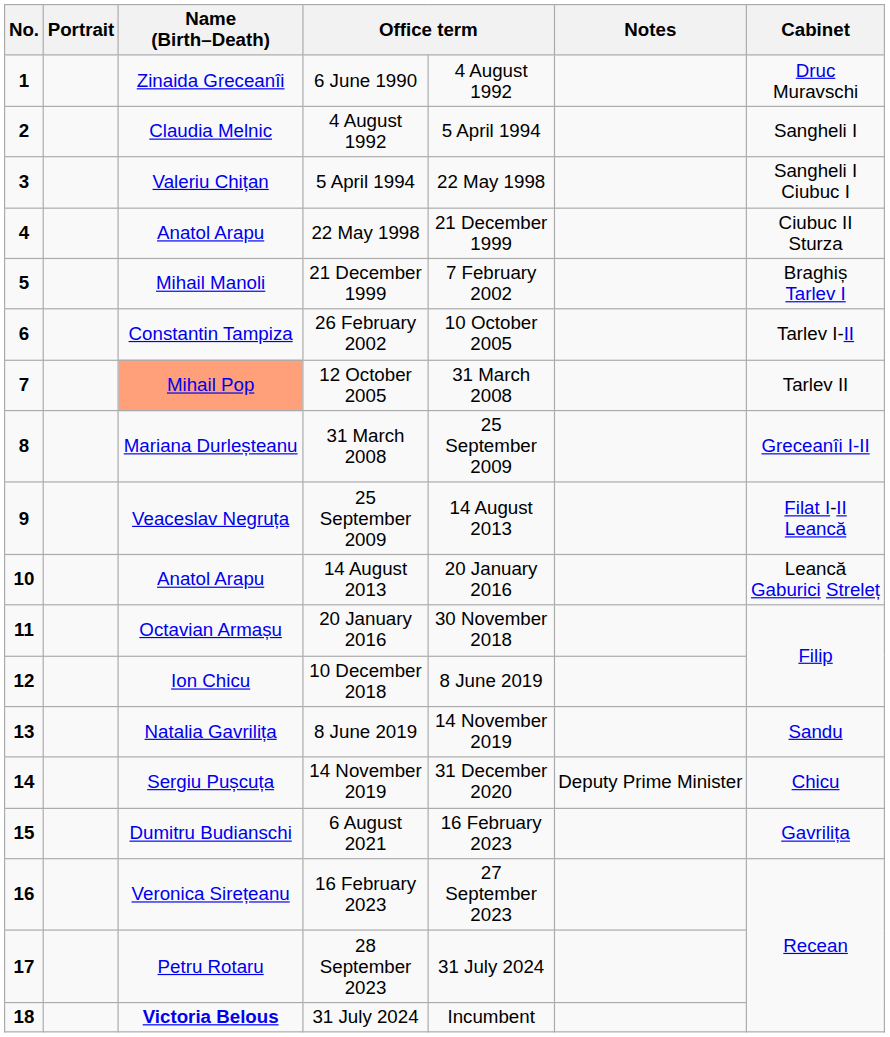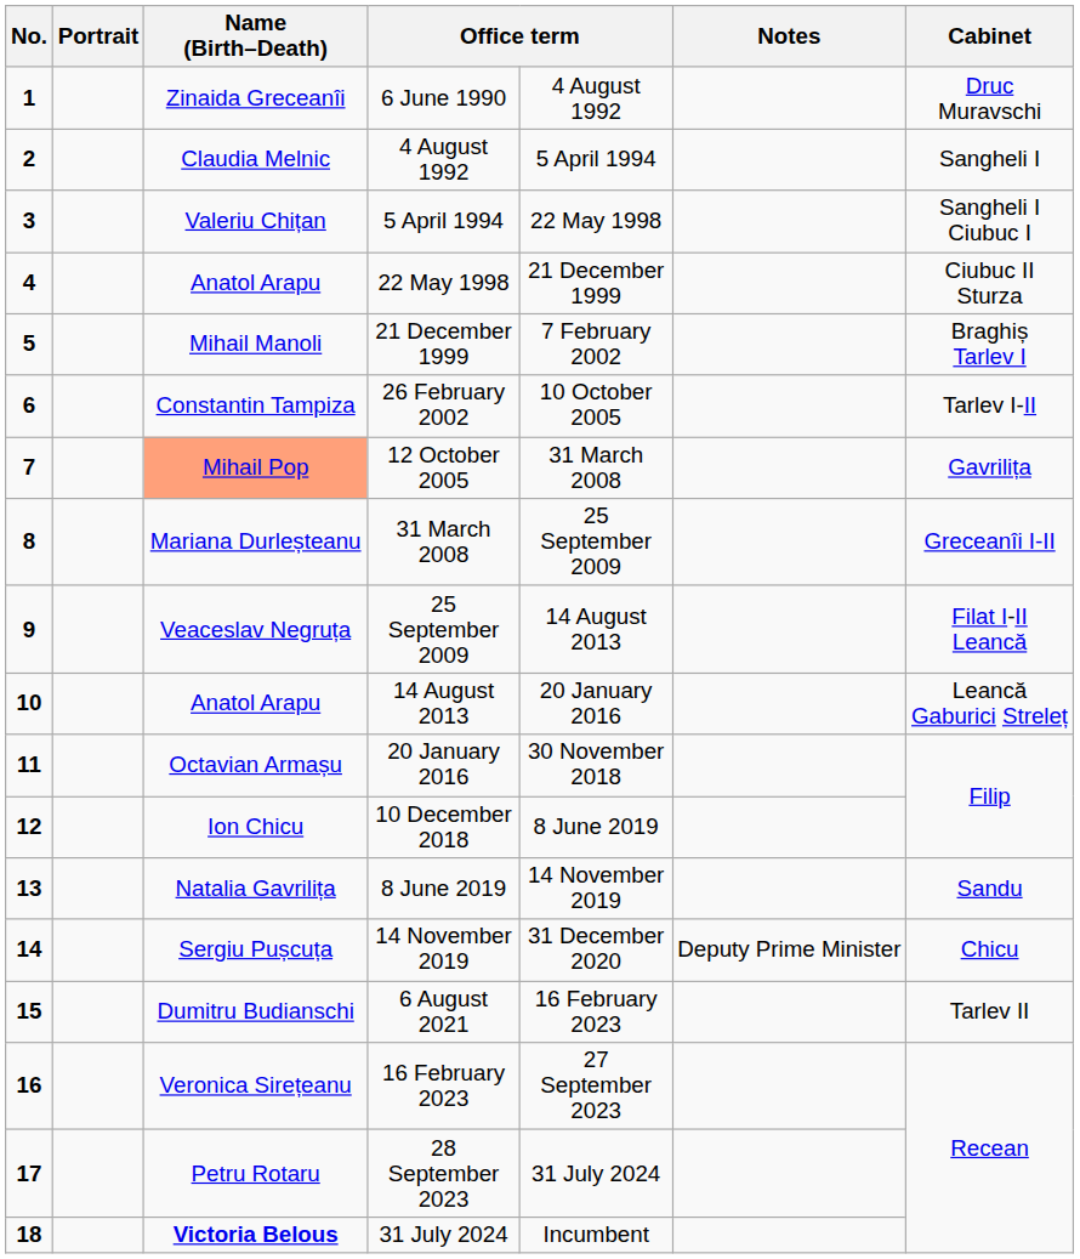 <table class="wikitable" style="text-align:center;">
 <tr>
 <th>No.</th>
 <th scope="col">Portrait</th>
 <th scope="col">Name<br>(Birth–Death)</th>
 <th colspan="2" scope="col">Office term</th>
 <th>Notes</th>
 <th>Cabinet</th>
 </tr>
 <tr>
 <td><strong>1</strong></td>
 <td></td>
 <td width="150" style="text-align: center;"><a href='#'>Zinaida Greceanîi</a><br></td>
 <td width="100" style="text-align: center;">6 June 1990</td>
 <td width="100" style="text-align: center;">4 August 1992</td>
 <td></td>
 <td><a href='#'>Druc</a><br>Muravschi</td>
 </tr>
 <tr>
 <td><strong>2</strong></td>
 <td></td>
 <td width="150" style="text-align: center;"><a href='#'>Claudia Melnic</a></td>
 <td width="100" style="text-align: center;">4 August 1992</td>
 <td width="100" style="text-align: center;">5 April 1994</td>
 <td></td>
 <td>Sangheli I</td>
 </tr>
 <tr>
 <td><strong>3</strong></td>
 <td></td>
 <td width="150" style="text-align: center;"><a href='#'>Valeriu Chițan</a><br></td>
 <td width="100" style="text-align: center;">5 April 1994</td>
 <td width="100" style="text-align: center;">22 May 1998</td>
 <td></td>
 <td>Sangheli I<br>Ciubuc I</td>
 </tr>
 <tr>
 <td><strong>4</strong></td>
 <td></td>
 <td width="150" style="text-align: center;"><a href='#'>Anatol Arapu</a><br></td>
 <td width="100" style="text-align: center;">22 May 1998</td>
 <td width="100" style="text-align: center;">21 December 1999</td>
 <td></td>
 <td>Ciubuc II<br>Sturza</td>
 </tr>
 <tr>
 <td><strong>5</strong></td>
 <td></td>
 <td width="150" style="text-align: center;"><a href='#'>Mihail Manoli</a><br></td>
 <td width="100" style="text-align: center;">21 December 1999</td>
 <td width="100" style="text-align: center;">7 February 2002</td>
 <td></td>
 <td>Braghiș<br><a href='#'>Tarlev I</a></td>
 </tr>
 <tr>
 <td><strong>6</strong></td>
 <td></td>
 <td width="150" style="text-align: center;"><a href='#'>Constantin Tampiza</a><br></td>
 <td width="100" style="text-align: center;">26 February 2002</td>
 <td width="100" style="text-align: center;">10 October 2005</td>
 <td></td>
 <td>Tarlev I-<a href='#'>II</a></td>
 </tr>
 <tr>
 <td><strong>7</strong></td>
 <td></td>
 <td width="150" style="background: lightsalmon; text-align: center;"><a href='#'>Mihail Pop</a><br></td>
 <td width="100" style="text-align: center;">12 October 2005</td>
 <td width="100" style="text-align: center;">31 March 2008</td>
 <td></td>
-<td>Tarlev II</td>
+<td><a href='#'>Gavrilița</a></td>
 </tr>
 <tr>
 <td><strong>8</strong></td>
 <td></td>
 <td width="150" style="text-align: center;"><a href='#'>Mariana Durleșteanu</a><br></td>
 <td width="100" style="text-align: center;">31 March 2008</td>
 <td width="100" style="text-align: center;">25 September 2009</td>
 <td></td>
 <td><a href='#'>Greceanîi I-II</a></td>
 </tr>
 <tr>
 <td><strong>9</strong></td>
 <td></td>
 <td width="150" style="text-align: center;"><a href='#'>Veaceslav Negruța</a><br></td>
 <td width="100" style="text-align: center;">25 September 2009</td>
 <td width="100" style="text-align: center;">14 August 2013</td>
 <td></td>
 <td><a href='#'>Filat I</a>-<a href='#'>II</a><br><a href='#'>Leancă</a></td>
 </tr>
 <tr>
 <td><strong>10</strong></td>
 <td></td>
 <td width="150" style="text-align: center;"><a href='#'>Anatol Arapu</a><br></td>
 <td width="100" style="text-align: center;">14 August 2013</td>
 <td width="100" style="text-align: center;">20 January 2016</td>
 <td></td>
 <td>Leancă<br><a href='#'>Gaburici</a> <a href='#'>Streleț</a></td>
 </tr>
 <tr>
 <td><strong>11</strong></td>
 <td></td>
 <td width="150" style="text-align: center;"><a href='#'>Octavian Armașu</a><br></td>
 <td width="100" style="text-align: center;">20 January 2016</td>
 <td width="100" style="text-align: center;">30 November 2018</td>
 <td></td>
 <td rowspan="2"><a href='#'>Filip</a></td>
 </tr>
 <tr>
 <td><strong>12</strong></td>
 <td></td>
 <td width="150" style="text-align: center;"><a href='#'>Ion Chicu</a><br></td>
 <td width="100" style="text-align: center;">10 December 2018</td>
 <td width="100" style="text-align: center;">8 June 2019</td>
 <td></td>
 </tr>
 <tr>
 <td><strong>13</strong></td>
 <td></td>
 <td width="150" style="text-align: center;"><a href='#'>Natalia Gavrilița</a><br></td>
 <td width="100" style="text-align: center;">8 June 2019</td>
 <td width="100" style="text-align: center;">14 November 2019</td>
 <td></td>
 <td><a href='#'>Sandu</a></td>
 </tr>
 <tr>
 <td><strong>14</strong></td>
 <td></td>
 <td width="150" style="text-align: center;"><a href='#'>Sergiu Pușcuța</a><br></td>
 <td width="100" style="text-align: center;">14 November 2019</td>
 <td width="100" style="text-align: center;">31 December 2020</td>
 <td>Deputy Prime Minister</td>
 <td><a href='#'>Chicu</a></td>
 </tr>
 <tr>
 <td><strong>15</strong></td>
 <td></td>
 <td width="150" style="text-align: center;"><a href='#'>Dumitru Budianschi</a><br></td>
 <td width="100" style="text-align: center;">6 August 2021</td>
 <td width="100" style="text-align: center;">16 February 2023</td>
 <td></td>
-<td><a href='#'>Gavrilița</a></td>
+<td>Tarlev II</td>
 </tr>
 <tr>
 <td><strong>16</strong></td>
 <td></td>
 <td width="150" style="text-align: center;"><a href='#'>Veronica Sirețeanu</a><br></td>
 <td width="100" style="text-align: center;">16 February 2023</td>
 <td width="100" style="text-align: center;">27 September 2023</td>
 <td></td>
 <td rowspan="3"><a href='#'>Recean</a></td>
 </tr>
 <tr>
 <td><strong>17</strong></td>
 <td></td>
 <td width="150" style="text-align: center;"><a href='#'>Petru Rotaru</a><br></td>
 <td width="100" style="text-align: center;">28 September 2023</td>
 <td width="100" style="text-align: center;">31 July 2024</td>
 <td></td>
 </tr>
 <tr>
 <td><strong>18</strong></td>
 <td></td>
 <td><strong><a href='#'>Victoria Belous</a></strong><br></td>
 <td>31 July 2024</td>
 <td>Incumbent</td>
 <td></td>
 </tr>
 </table>
